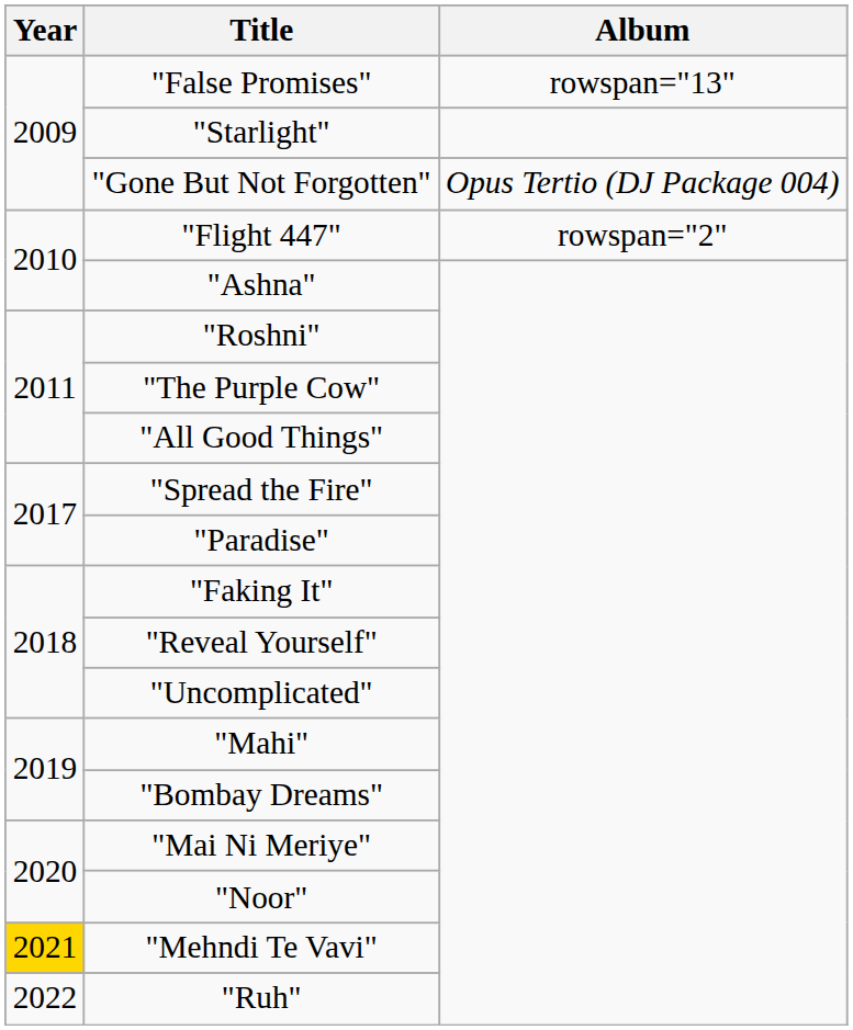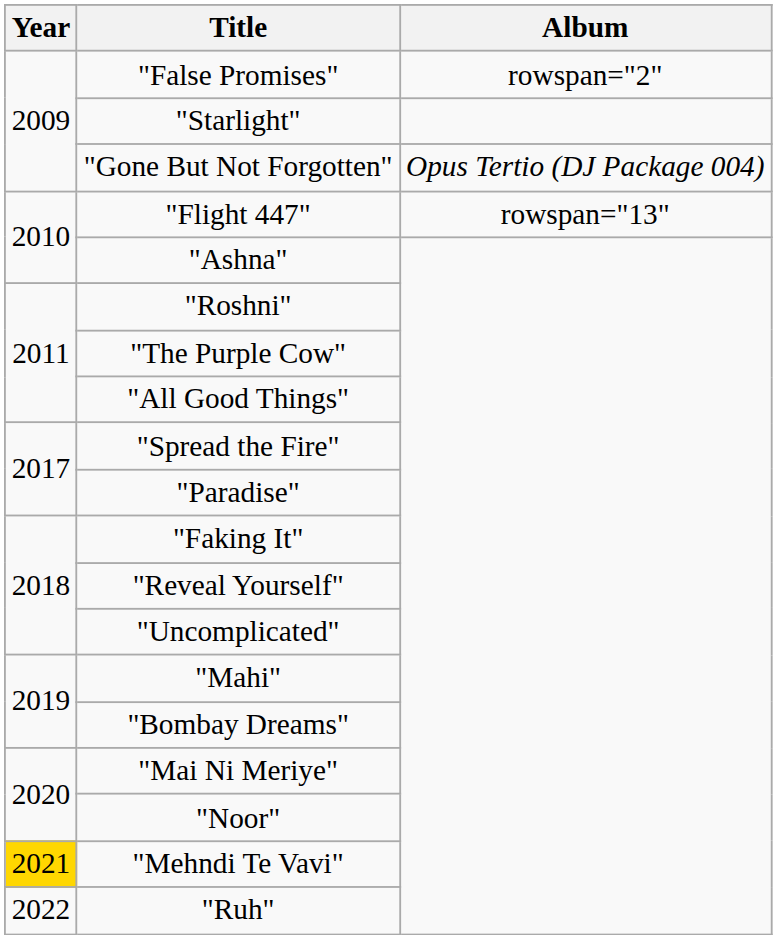 <table class="wikitable plainrowheaders" style="text-align:center;">
 <tr>
 <th scope="col">Year</th>
 <th scope="col">Title</th>
 <th scope="col">Album</th>
 </tr>
 <tr>
 <td rowspan="3">2009</td>
 <td scope="row">"False Promises"</td>
-<td>rowspan="13" </td>
+<td>rowspan="2" </td>
 </tr>
 <tr>
 <td scope="row">"Starlight"<br></td>
 </tr>
 <tr>
 <td scope="row">"Gone But Not Forgotten"</td>
 <td><em>Opus Tertio (DJ Package 004)</em></td>
 </tr>
 <tr>
 <td rowspan="2">2010</td>
 <td scope="row">"Flight 447"</td>
-<td>rowspan="2" </td>
+<td>rowspan="13" </td>
 </tr>
 <tr>
 <td scope="row">"Ashna"</td>
 </tr>
 <tr>
 <td rowspan="3">2011</td>
 <td scope="row">"Roshni"<br></td>
 </tr>
 <tr>
 <td scope="row">"The Purple Cow"</td>
 </tr>
 <tr>
 <td scope="row">"All Good Things"</td>
 </tr>
 <tr>
 <td rowspan="2">2017</td>
 <td scope="row">"Spread the Fire"<br></td>
 </tr>
 <tr>
 <td scope="row">"Paradise"</td>
 </tr>
 <tr>
 <td rowspan="3">2018</td>
 <td scope="row">"Faking It"<br></td>
 </tr>
 <tr>
 <td scope="row">"Reveal Yourself"</td>
 </tr>
 <tr>
 <td scope="row">"Uncomplicated"<br></td>
 </tr>
 <tr>
 <td rowspan="2">2019</td>
 <td scope="row">"Mahi"<br></td>
 </tr>
 <tr>
 <td scope="row">"Bombay Dreams" <br></td>
 </tr>
 <tr>
 <td rowspan="2">2020</td>
 <td scope="row">"Mai Ni Meriye"<br></td>
 </tr>
 <tr>
 <td scope="row">"Noor"<br></td>
 </tr>
 <tr>
 <td style="background: gold;">2021</td>
 <td>"Mehndi Te Vavi"<br></td>
 </tr>
 <tr>
 <td>2022</td>
 <td>"Ruh"<br></td>
 </tr>
 </table>
